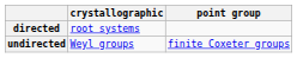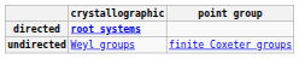 <table class="wikitable" border="1">
 <tr>
 <th></th>
 <th>crystallographic</th>
 <th>point group</th>
 </tr>
 <tr>
 <th>directed</th>
-<td><a href='#'>root systems</a></td>
+<td><strong><a href='#'>root systems</a></strong></td>
 </tr>
 <tr>
 <th>undirected</th>
 <td><a href='#'>Weyl groups</a></td>
 <td><a href='#'>finite Coxeter groups</a></td>
 </tr>
 </table>
